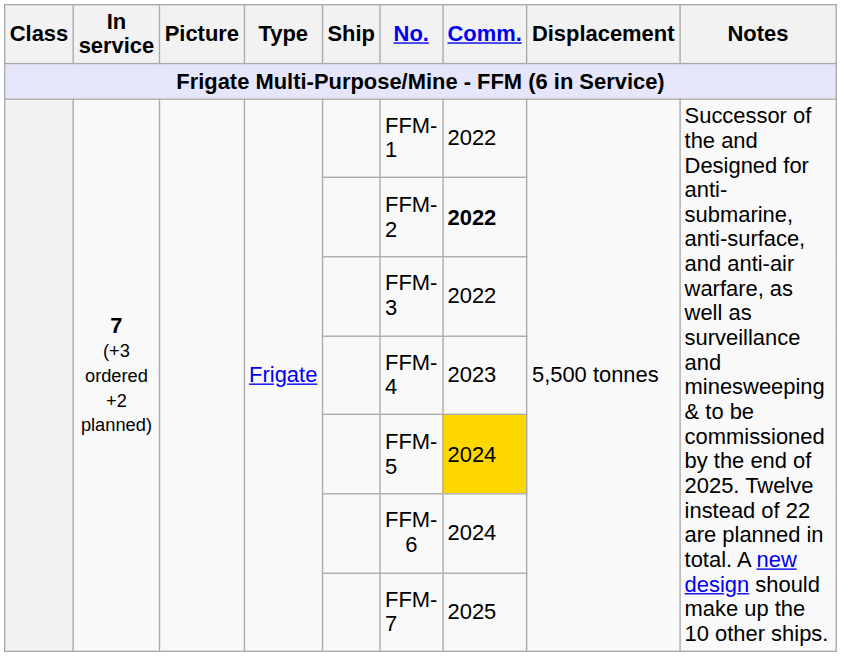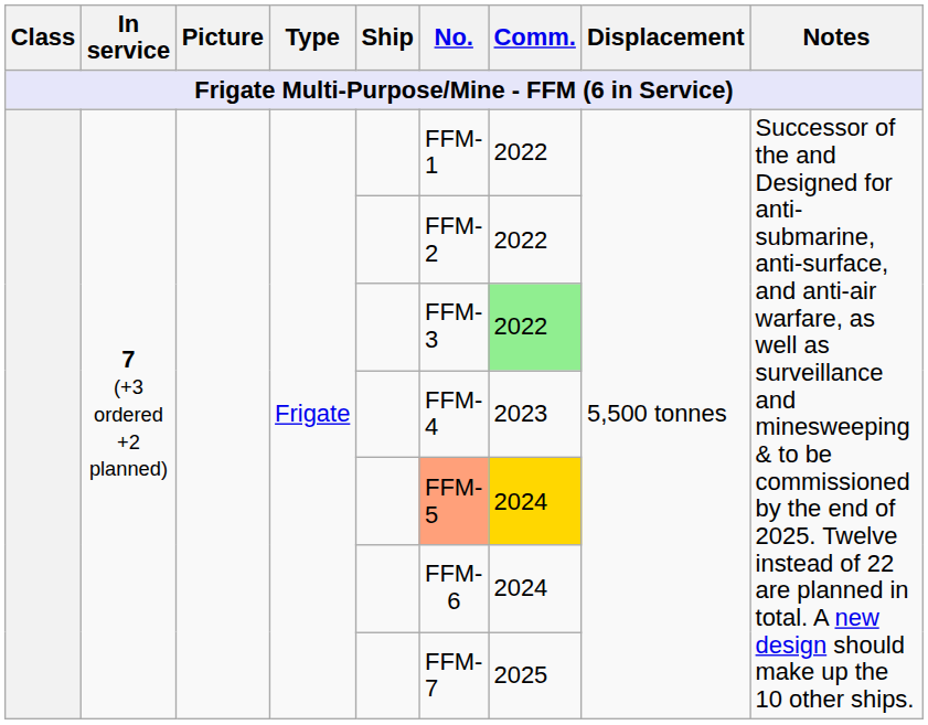 <table class="wikitable">
 <tr>
 <th>Class</th>
 <th>In service</th>
 <th>Picture</th>
 <th>Type</th>
 <th>Ship</th>
 <th><a href='#'>No.</a></th>
 <th><a href='#'>Comm.</a></th>
 <th>Displacement</th>
 <th>Notes</th>
 </tr>
 <tr>
 <th colspan="9" style="background: lavender;">Frigate Multi-Purpose/Mine - FFM (6 in Service)</th>
 </tr>
 <tr>
 <th rowspan="7" style="text-align: left;"></th>
 <td rowspan="7" style="text-align: center;"><strong>7</strong><br><small>(+3 ordered +2 planned)</small></td>
 <td rowspan="7"></td>
 <td rowspan="7"><a href='#'>Frigate</a></td>
 <td></td>
 <td>FFM-1</td>
 <td>2022</td>
 <td rowspan="7">5,500 tonnes</td>
 <td rowspan="7">Successor of the  and <br>Designed for anti-submarine, anti-surface, and anti-air warfare, as well as surveillance and minesweeping<br> &  to be commissioned by the end of 2025. Twelve instead of 22 are planned in total. A <a href='#'>new design</a> should make up the 10 other ships.</td>
 </tr>
 <tr>
 <td></td>
 <td>FFM-2</td>
-<td><strong>2022</strong></td>
+<td>2022</td>
 </tr>
 <tr>
 <td></td>
 <td>FFM-3</td>
-<td>2022</td>
+<td style="background: lightgreen;">2022</td>
 </tr>
 <tr>
 <td></td>
 <td>FFM-4</td>
 <td>2023</td>
 </tr>
 <tr>
 <td></td>
-<td>FFM-5</td>
+<td style="background: lightsalmon;">FFM-5</td>
 <td style="background: gold;">2024</td>
 </tr>
 <tr>
 <td style="text-align: left;"></td>
 <td style="text-align: center;">FFM-6</td>
 <td>2024</td>
 </tr>
 <tr>
 <td></td>
 <td>FFM-7</td>
 <td>2025</td>
 </tr>
 </table>
